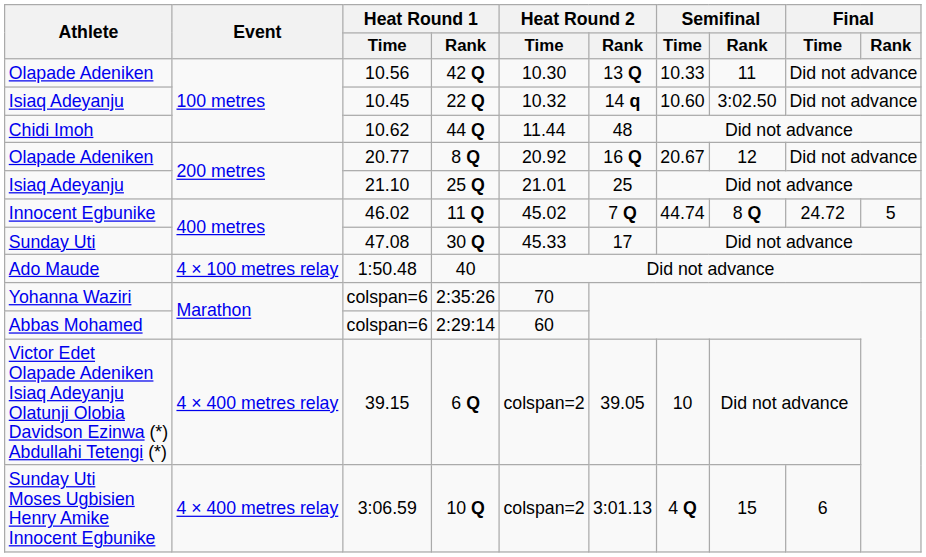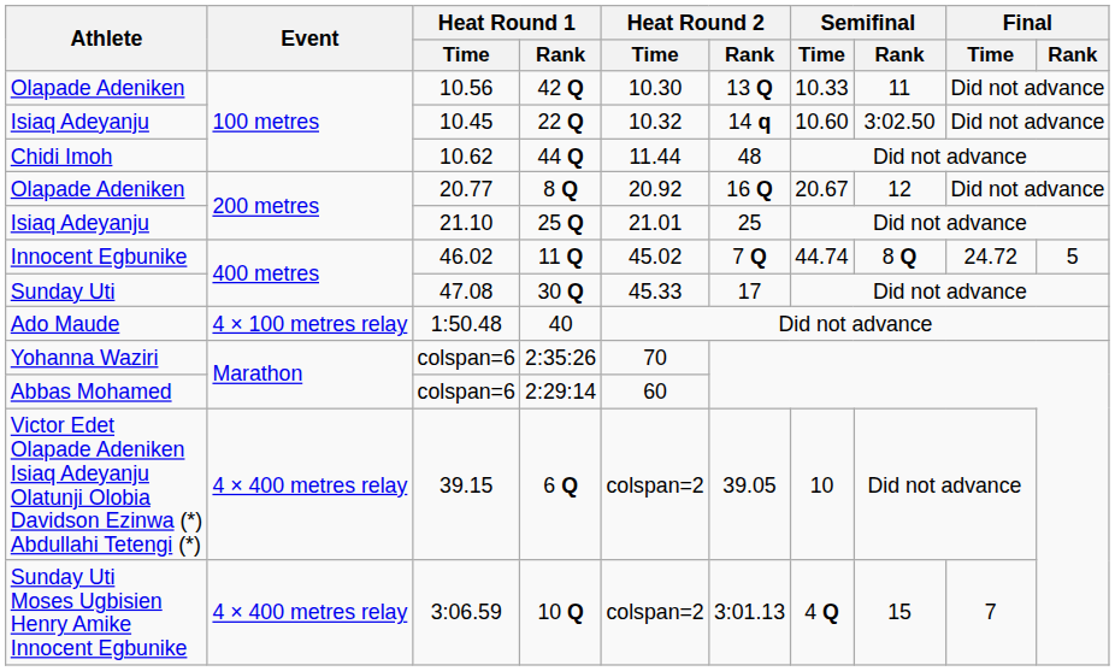 <table class=wikitable style="font-size:90%; text-align:center">
 <tr>
 <th rowspan=2>Athlete</th>
 <th rowspan=2>Event</th>
 <th colspan=2>Heat Round 1</th>
 <th colspan=2>Heat Round 2</th>
 <th colspan=2>Semifinal</th>
 <th colspan=2>Final</th>
 </tr>
 <tr style=font-size:95%>
 <th>Time</th>
 <th>Rank</th>
 <th>Time</th>
 <th>Rank</th>
 <th>Time</th>
 <th>Rank</th>
 <th>Time</th>
 <th>Rank</th>
 </tr>
 <tr align=center>
 <td align=left><a href='#'>Olapade Adeniken</a></td>
 <td align=left rowspan=3><a href='#'>100 metres</a></td>
 <td>10.56</td>
 <td>42 <strong>Q</strong></td>
 <td>10.30</td>
 <td>13 <strong>Q</strong></td>
 <td>10.33</td>
 <td>11</td>
 <td colspan=2>Did not advance</td>
 </tr>
 <tr align=center>
 <td align=left><a href='#'>Isiaq Adeyanju</a></td>
 <td>10.45</td>
 <td>22 <strong>Q</strong></td>
 <td>10.32</td>
 <td>14 <strong>q</strong></td>
 <td>10.60</td>
 <td>3:02.50</td>
 <td colspan=2>Did not advance</td>
 </tr>
 <tr align=center>
 <td align=left><a href='#'>Chidi Imoh</a></td>
 <td>10.62</td>
 <td>44 <strong>Q</strong></td>
 <td>11.44</td>
 <td>48</td>
 <td colspan=4>Did not advance</td>
 </tr>
 <tr align=center>
 <td align=left><a href='#'>Olapade Adeniken</a></td>
 <td align=left rowspan=2><a href='#'>200 metres</a></td>
 <td>20.77</td>
 <td>8 <strong>Q</strong></td>
 <td>20.92</td>
 <td>16 <strong>Q</strong></td>
 <td>20.67</td>
 <td>12</td>
 <td colspan=2>Did not advance</td>
 </tr>
 <tr align=center>
 <td align=left><a href='#'>Isiaq Adeyanju</a></td>
 <td>21.10</td>
 <td>25 <strong>Q</strong></td>
 <td>21.01</td>
 <td>25</td>
 <td colspan=4>Did not advance</td>
 </tr>
 <tr align=center>
 <td align=left><a href='#'>Innocent Egbunike</a></td>
 <td align=left rowspan=2><a href='#'>400 metres</a></td>
 <td>46.02</td>
 <td>11 <strong>Q</strong></td>
 <td>45.02</td>
 <td>7 <strong>Q</strong></td>
 <td>44.74</td>
 <td>8 <strong>Q</strong></td>
 <td>24.72</td>
 <td>5</td>
 </tr>
 <tr align=center>
 <td align=left><a href='#'>Sunday Uti</a></td>
 <td>47.08</td>
 <td>30 <strong>Q</strong></td>
 <td>45.33</td>
 <td>17</td>
 <td colspan=4>Did not advance</td>
 </tr>
 <tr align=center>
 <td align=left><a href='#'>Ado Maude</a></td>
 <td align=left><a href='#'>4 × 100 metres relay</a></td>
 <td>1:50.48</td>
 <td>40</td>
 <td colspan=6>Did not advance</td>
 </tr>
 <tr align=center>
 <td align=left><a href='#'>Yohanna Waziri</a></td>
 <td align=left rowspan=2><a href='#'>Marathon</a></td>
 <td>colspan=6</td>
 <td>2:35:26</td>
 <td>70</td>
 </tr>
 <tr align=center>
 <td align=left><a href='#'>Abbas Mohamed</a></td>
 <td>colspan=6</td>
 <td>2:29:14</td>
 <td>60</td>
 </tr>
 <tr align=center>
 <td align=left><a href='#'>Victor Edet</a><br><a href='#'>Olapade Adeniken</a><br><a href='#'>Isiaq Adeyanju</a><br><a href='#'>Olatunji Olobia</a><br><a href='#'>Davidson Ezinwa</a> (*)<br><a href='#'>Abdullahi Tetengi</a> (*)</td>
 <td align=left><a href='#'>4 × 400 metres relay</a></td>
 <td>39.15</td>
 <td>6 <strong>Q</strong></td>
 <td>colspan=2</td>
 <td>39.05</td>
 <td>10</td>
 <td colspan=2>Did not advance</td>
 </tr>
 <tr align=center>
 <td align=left><a href='#'>Sunday Uti</a><br><a href='#'>Moses Ugbisien</a><br><a href='#'>Henry Amike</a><br><a href='#'>Innocent Egbunike</a></td>
 <td align=left><a href='#'>4 × 400 metres relay</a></td>
 <td>3:06.59</td>
 <td>10 <strong>Q</strong></td>
 <td>colspan=2</td>
 <td>3:01.13</td>
 <td>4 <strong>Q</strong></td>
 <td>15</td>
-<td>6</td>
+<td>7</td>
 </tr>
 </table>
